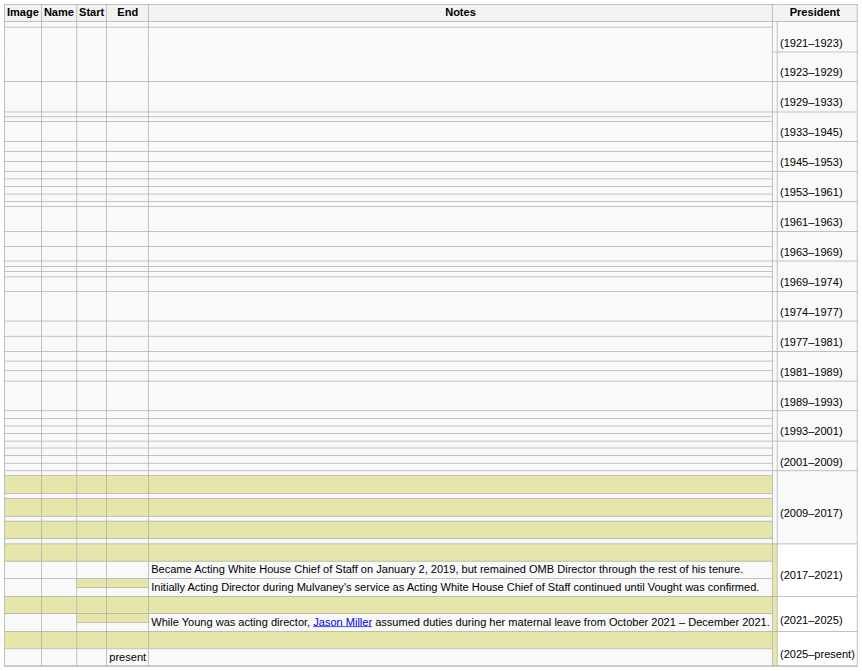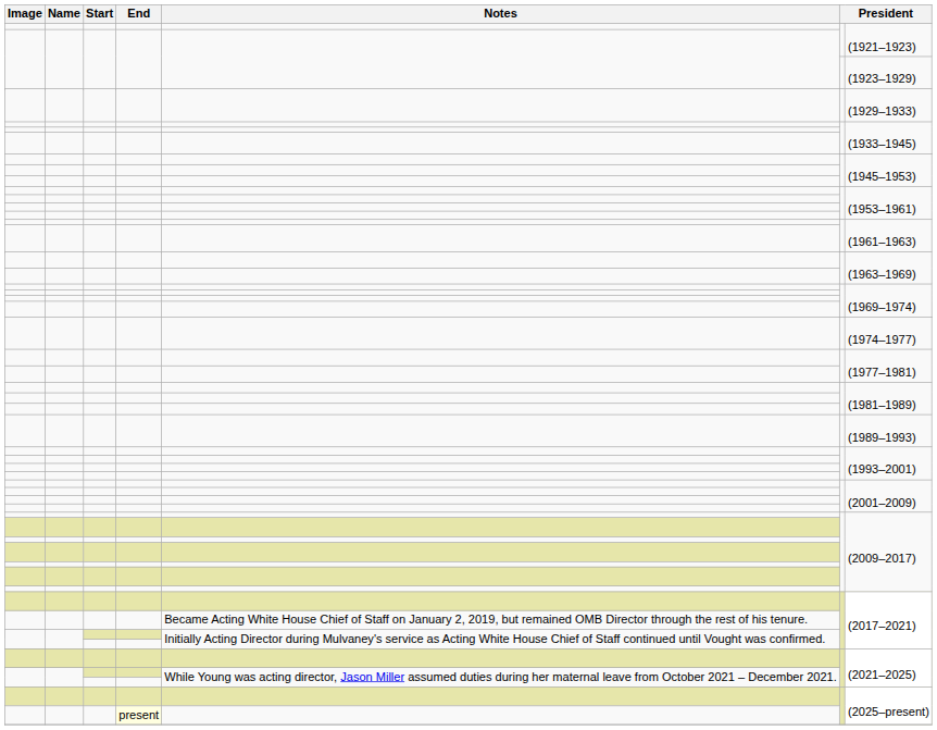 <table class="wikitable sortable plainrowheaders">
 <tr>
 <th>Image</th>
 <th>Name</th>
 <th>Start</th>
 <th>End</th>
 <th class=unsortable>Notes</th>
 <th colspan=2>President</th>
 </tr>
 <tr>
 <td></td>
 <td></td>
 <td></td>
 <td></td>
 <td></td>
 <td rowspan=2 style="background: "></td>
 <td rowspan=2><br>(1921–1923)</td>
 </tr>
 <tr>
 <td rowspan=3></td>
 <td rowspan=3></td>
 <td rowspan=3></td>
 <td rowspan=3></td>
 <td rowspan=3></td>
 </tr>
 <tr>
 <td style="background: "></td>
 <td><br>(1923–1929)</td>
 </tr>
 <tr>
 <td rowspan=2 style="background: "></td>
 <td rowspan=2><br>(1929–1933)</td>
 </tr>
 <tr>
 <td></td>
 <td></td>
 <td></td>
 <td></td>
 <td></td>
 </tr>
 <tr>
 <td></td>
 <td></td>
 <td></td>
 <td></td>
 <td></td>
 <td rowspan=3 style="background: "></td>
 <td rowspan=3><br>(1933–1945)</td>
 </tr>
 <tr>
 <td></td>
 <td></td>
 <td></td>
 <td></td>
 <td></td>
 </tr>
 <tr>
 <td rowspan=2></td>
 <td rowspan=2></td>
 <td rowspan=2></td>
 <td rowspan=2></td>
 <td rowspan=2></td>
 </tr>
 <tr>
 <td rowspan=4 style="background: "></td>
 <td rowspan=4><br>(1945–1953)</td>
 </tr>
 <tr>
 <td></td>
 <td></td>
 <td></td>
 <td></td>
 <td></td>
 </tr>
 <tr>
 <td></td>
 <td></td>
 <td></td>
 <td></td>
 <td></td>
 </tr>
 <tr>
 <td></td>
 <td></td>
 <td></td>
 <td></td>
 <td></td>
 </tr>
 <tr>
 <td></td>
 <td></td>
 <td></td>
 <td></td>
 <td></td>
 <td rowspan=4 style="background: "></td>
 <td rowspan=4><br>(1953–1961)</td>
 </tr>
 <tr>
 <td></td>
 <td></td>
 <td></td>
 <td></td>
 <td></td>
 </tr>
 <tr>
 <td></td>
 <td></td>
 <td></td>
 <td></td>
 <td></td>
 </tr>
 <tr>
 <td></td>
 <td></td>
 <td></td>
 <td></td>
 <td></td>
 </tr>
 <tr>
 <td></td>
 <td></td>
 <td></td>
 <td></td>
 <td></td>
 <td rowspan=2 style="background: "></td>
 <td rowspan=2><br>(1961–1963)</td>
 </tr>
 <tr>
 <td rowspan=2></td>
 <td rowspan=2></td>
 <td rowspan=2></td>
 <td rowspan=2></td>
 <td rowspan=2></td>
 </tr>
 <tr>
 <td rowspan=3 style="background: "></td>
 <td rowspan=3><br>(1963–1969)</td>
 </tr>
 <tr>
 <td></td>
 <td></td>
 <td></td>
 <td></td>
 <td></td>
 </tr>
 <tr>
 <td></td>
 <td></td>
 <td></td>
 <td></td>
 <td></td>
 </tr>
 <tr>
 <td></td>
 <td></td>
 <td></td>
 <td></td>
 <td></td>
 <td rowspan=4 style="background: "></td>
 <td rowspan=4><br>(1969–1974)</td>
 </tr>
 <tr>
 <td></td>
 <td></td>
 <td></td>
 <td></td>
 <td></td>
 </tr>
 <tr>
 <td></td>
 <td></td>
 <td></td>
 <td></td>
 <td></td>
 </tr>
 <tr>
 <td rowspan=2></td>
 <td rowspan=2></td>
 <td rowspan=2></td>
 <td rowspan=2></td>
 <td rowspan=2></td>
 </tr>
 <tr>
 <td rowspan=2 style="background: "></td>
 <td rowspan=2><br>(1974–1977)</td>
 </tr>
 <tr>
 <td></td>
 <td></td>
 <td></td>
 <td></td>
 <td></td>
 </tr>
 <tr>
 <td></td>
 <td></td>
 <td></td>
 <td></td>
 <td></td>
 <td rowspan=2 style="background: "></td>
 <td rowspan=2><br>(1977–1981)</td>
 </tr>
 <tr>
 <td></td>
 <td></td>
 <td></td>
 <td></td>
 <td></td>
 </tr>
 <tr>
 <td></td>
 <td></td>
 <td></td>
 <td></td>
 <td></td>
 <td rowspan=3 style="background: "></td>
 <td rowspan=3><br>(1981–1989)</td>
 </tr>
 <tr>
 <td></td>
 <td></td>
 <td></td>
 <td></td>
 <td></td>
 </tr>
 <tr>
 <td></td>
 <td></td>
 <td></td>
 <td></td>
 <td></td>
 </tr>
 <tr>
 <td></td>
 <td></td>
 <td></td>
 <td></td>
 <td></td>
 <td style="background: "></td>
 <td><br>(1989–1993)</td>
 </tr>
 <tr>
 <td></td>
 <td></td>
 <td></td>
 <td></td>
 <td></td>
 <td rowspan=4 style="background: "></td>
 <td rowspan=4><br>(1993–2001)</td>
 </tr>
 <tr>
 <td></td>
 <td></td>
 <td></td>
 <td></td>
 <td></td>
 </tr>
 <tr>
 <td></td>
 <td></td>
 <td></td>
 <td></td>
 <td></td>
 </tr>
 <tr>
 <td></td>
 <td></td>
 <td></td>
 <td></td>
 <td></td>
 </tr>
 <tr>
 <td></td>
 <td></td>
 <td></td>
 <td></td>
 <td></td>
 <td rowspan=4 style="background: "></td>
 <td rowspan=4><br>(2001–2009)</td>
 </tr>
 <tr>
 <td></td>
 <td></td>
 <td></td>
 <td></td>
 <td></td>
 </tr>
 <tr>
 <td></td>
 <td></td>
 <td></td>
 <td></td>
 <td></td>
 </tr>
 <tr>
 <td></td>
 <td></td>
 <td></td>
 <td></td>
 <td></td>
 </tr>
 <tr>
 <td></td>
 <td></td>
 <td></td>
 <td></td>
 <td></td>
 <td rowspan=7 style="background: "></td>
 <td rowspan=7><br>(2009–2017)</td>
 </tr>
 <tr bgcolor="#e6e6aa">
 <td></td>
 <td><br></td>
 <td></td>
 <td></td>
 <td></td>
 </tr>
 <tr>
 <td></td>
 <td></td>
 <td></td>
 <td></td>
 <td></td>
 </tr>
 <tr bgcolor="#e6e6aa">
 <td></td>
 <td><br></td>
 <td></td>
 <td></td>
 <td></td>
 </tr>
 <tr>
 <td></td>
 <td></td>
 <td></td>
 <td></td>
 <td></td>
 </tr>
 <tr bgcolor="#e6e6aa">
 <td></td>
 <td><br></td>
 <td></td>
 <td></td>
 <td></td>
 </tr>
 <tr>
 <td></td>
 <td></td>
 <td></td>
 <td></td>
 <td></td>
 </tr>
 <tr bgcolor="#e6e6aa">
 <td></td>
 <td><br></td>
 <td></td>
 <td></td>
 <td></td>
 <td rowspan=4 style="background: "></td>
 <td rowspan=4 bgcolor="#ffffff"><br>(2017–2021)</td>
 </tr>
 <tr>
 <td></td>
 <td></td>
 <td></td>
 <td><br></td>
 <td> Became Acting White House Chief of Staff on January 2, 2019, but remained OMB Director through the rest of his tenure.</td>
 </tr>
 <tr>
 <td rowspan=2></td>
 <td rowspan=2></td>
 <td style="background-color:#E6E6AA;"></td>
 <td style="background-color:#E6E6AA;"></td>
 <td rowspan=2>Initially Acting Director during Mulvaney's service as Acting White House Chief of Staff continued until Vought was confirmed.</td>
 </tr>
 <tr>
 <td></td>
 <td></td>
 </tr>
 <tr bgcolor="#e6e6aa">
 <td></td>
 <td><br></td>
 <td></td>
 <td></td>
 <td></td>
 <td rowspan=3 style="background: "></td>
 <td rowspan=3 bgcolor="#ffffff"><br>(2021–2025)</td>
 </tr>
 <tr>
 <td rowspan=2></td>
 <td rowspan=2></td>
 <td style="background-color:#E6E6AA;"></td>
 <td style="background-color:#E6E6AA;"></td>
 <td rowspan=2> While Young was acting director, <a href='#'>Jason Miller</a> assumed duties during her maternal leave from October 2021 – December 2021.</td>
 </tr>
 <tr>
 <td></td>
 <td></td>
 </tr>
 <tr bgcolor="#e6e6aa">
 <td></td>
 <td><br></td>
 <td></td>
 <td></td>
 <td></td>
 <td rowspan=2 style="background: "></td>
 <td rowspan=2 bgcolor="#ffffff"><br>(2025–present)</td>
 </tr>
 <tr>
 <td></td>
 <td></td>
 <td></td>
-<td>present</td>
+<td style="background: lightyellow;">present</td>
 <td></td>
 </tr>
 <tr>
 </tr>
 </table>
